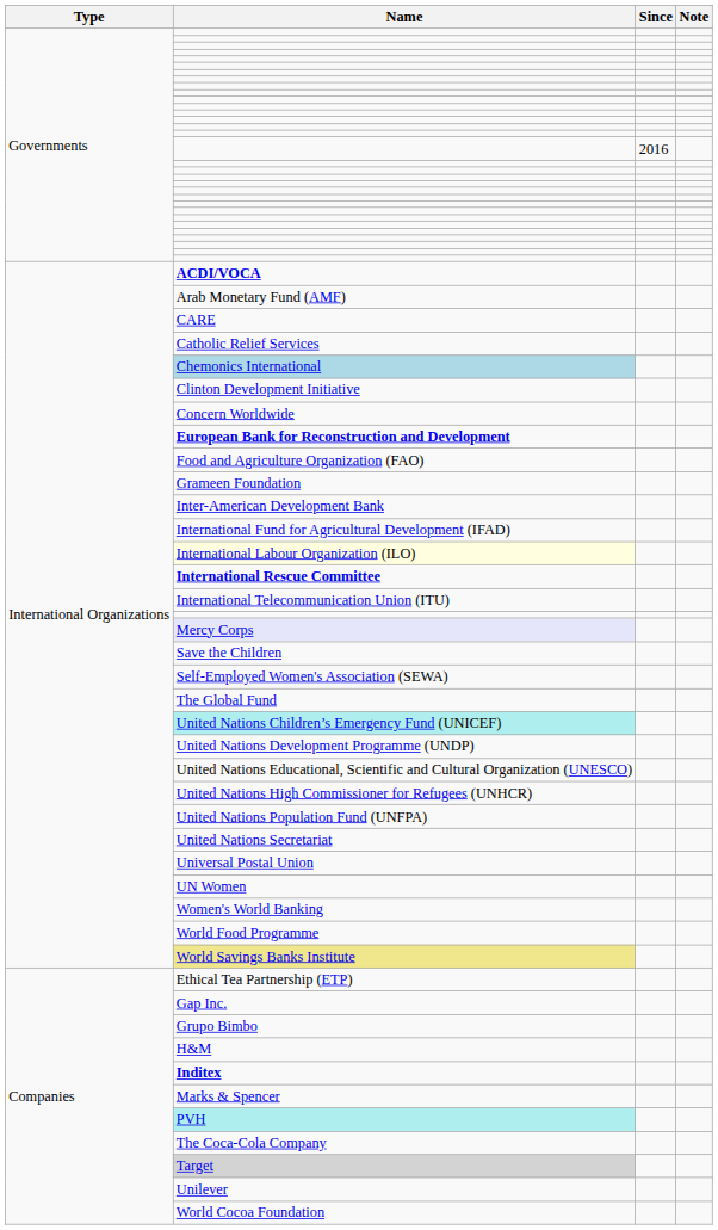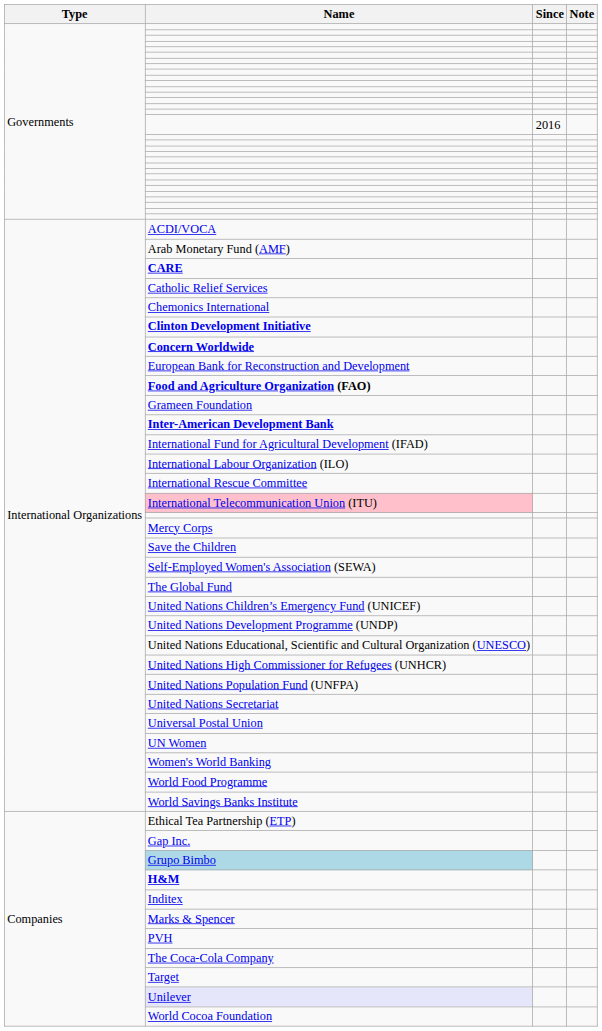 <table class="wikitable sortable plainrowheaders">
 <tr>
 <th>Type</th>
 <th>Name</th>
 <th>Since</th>
 <th>Note</th>
 </tr>
 <tr>
 <td rowspan="32">Governments</td>
 <td></td>
 <td></td>
 <td></td>
 </tr>
 <tr>
 <td></td>
 <td></td>
 <td></td>
 </tr>
 <tr>
 <td></td>
 <td></td>
 <td></td>
 </tr>
 <tr>
 <td></td>
 <td></td>
 <td></td>
 </tr>
 <tr>
 <td></td>
 <td></td>
 <td></td>
 </tr>
 <tr>
 <td></td>
 <td></td>
 <td></td>
 </tr>
 <tr>
 <td></td>
 <td></td>
 <td></td>
 </tr>
 <tr>
 <td></td>
 <td></td>
 <td></td>
 </tr>
 <tr>
 <td></td>
 <td></td>
 <td></td>
 </tr>
 <tr>
 <td></td>
 <td></td>
 <td></td>
 </tr>
 <tr>
 <td></td>
 <td></td>
 <td></td>
 </tr>
 <tr>
 <td></td>
 <td></td>
 <td></td>
 </tr>
 <tr>
 <td></td>
 <td></td>
 <td></td>
 </tr>
 <tr>
 <td></td>
 <td></td>
 <td></td>
 </tr>
 <tr>
 <td></td>
 <td></td>
 <td></td>
 </tr>
 <tr>
 <td></td>
 <td></td>
 <td></td>
 </tr>
 <tr>
 <td></td>
 <td>2016</td>
 <td></td>
 </tr>
 <tr>
 <td></td>
 <td></td>
 <td></td>
 </tr>
 <tr>
 <td></td>
 <td></td>
 <td></td>
 </tr>
 <tr>
 <td></td>
 <td></td>
 <td></td>
 </tr>
 <tr>
 <td></td>
 <td></td>
 <td></td>
 </tr>
 <tr>
 <td></td>
 <td></td>
 <td></td>
 </tr>
 <tr>
 <td></td>
 <td></td>
 <td></td>
 </tr>
 <tr>
 <td></td>
 <td></td>
 <td></td>
 </tr>
 <tr>
 <td></td>
 <td></td>
 <td></td>
 </tr>
 <tr>
 <td></td>
 <td></td>
 <td></td>
 </tr>
 <tr>
 <td></td>
 <td></td>
 <td></td>
 </tr>
 <tr>
 <td></td>
 <td></td>
 <td></td>
 </tr>
 <tr>
 <td></td>
 <td></td>
 <td></td>
 </tr>
 <tr>
 <td></td>
 <td></td>
 <td></td>
 </tr>
 <tr>
 <td></td>
 <td></td>
 <td></td>
 </tr>
 <tr>
 <td></td>
 <td></td>
 <td></td>
 </tr>
 <tr>
 <td rowspan="31">International Organizations</td>
-<td><strong><a href='#'>ACDI/VOCA</a></strong></td>
+<td><a href='#'>ACDI/VOCA</a></td>
 <td></td>
 <td></td>
 </tr>
 <tr>
 <td>Arab Monetary Fund (<a href='#'>AMF</a>)</td>
 <td></td>
 <td></td>
 </tr>
 <tr>
-<td><a href='#'>CARE</a></td>
+<td><strong><a href='#'>CARE</a></strong></td>
 <td></td>
 <td></td>
 </tr>
 <tr>
 <td><a href='#'>Catholic Relief Services</a></td>
 <td></td>
 <td></td>
 </tr>
 <tr>
-<td style="background: lightblue;"><a href='#'>Chemonics International</a></td>
+<td><a href='#'>Chemonics International</a></td>
 <td></td>
 <td></td>
 </tr>
 <tr>
-<td><a href='#'>Clinton Development Initiative</a></td>
+<td><strong><a href='#'>Clinton Development Initiative</a></strong></td>
 <td></td>
 <td></td>
 </tr>
 <tr>
-<td><a href='#'>Concern Worldwide</a></td>
+<td><strong><a href='#'>Concern Worldwide</a></strong></td>
 <td></td>
 <td></td>
 </tr>
 <tr>
-<td><strong><a href='#'>European Bank for Reconstruction and Development</a></strong></td>
+<td><a href='#'>European Bank for Reconstruction and Development</a></td>
 <td></td>
 <td></td>
 </tr>
 <tr>
-<td><a href='#'>Food and Agriculture Organization</a> (FAO)</td>
+<td><strong><a href='#'>Food and Agriculture Organization</a> (FAO)</strong></td>
 <td></td>
 <td></td>
 </tr>
 <tr>
 <td><a href='#'>Grameen Foundation</a></td>
 <td></td>
 <td></td>
 </tr>
 <tr>
-<td><a href='#'>Inter-American Development Bank</a></td>
+<td><strong><a href='#'>Inter-American Development Bank</a></strong></td>
 <td></td>
 <td></td>
 </tr>
 <tr>
 <td><a href='#'>International Fund for Agricultural Development</a> (IFAD)</td>
 <td></td>
 <td></td>
 </tr>
 <tr>
-<td style="background: lightyellow;"><a href='#'>International Labour Organization</a> (ILO)</td>
+<td><a href='#'>International Labour Organization</a> (ILO)</td>
 <td></td>
 <td></td>
 </tr>
 <tr>
-<td><strong><a href='#'>International Rescue Committee</a></strong></td>
+<td><a href='#'>International Rescue Committee</a></td>
 <td></td>
 <td></td>
 </tr>
 <tr>
-<td><a href='#'>International Telecommunication Union</a> (ITU)</td>
+<td style="background: pink;"><a href='#'>International Telecommunication Union</a> (ITU)</td>
 <td></td>
 <td></td>
 </tr>
 <tr>
 <td></td>
 <td></td>
 <td></td>
 </tr>
 <tr>
-<td style="background: lavender;"><a href='#'>Mercy Corps</a></td>
+<td><a href='#'>Mercy Corps</a></td>
 <td></td>
 <td></td>
 </tr>
 <tr>
 <td><a href='#'>Save the Children</a></td>
 <td></td>
 <td></td>
 </tr>
 <tr>
 <td><a href='#'>Self-Employed Women's Association</a> (SEWA)</td>
 <td></td>
 <td></td>
 </tr>
 <tr>
 <td><a href='#'>The Global Fund</a></td>
 <td></td>
 <td></td>
 </tr>
 <tr>
-<td style="background: paleturquoise;"><a href='#'>United Nations Children’s Emergency Fund</a> (UNICEF)</td>
+<td><a href='#'>United Nations Children’s Emergency Fund</a> (UNICEF)</td>
 <td></td>
 <td></td>
 </tr>
 <tr>
 <td><a href='#'>United Nations Development Programme</a> (UNDP)</td>
 <td></td>
 <td></td>
 </tr>
 <tr>
 <td>United Nations Educational, Scientific and Cultural Organization (<a href='#'>UNESCO</a>)</td>
 <td></td>
 <td></td>
 </tr>
 <tr>
 <td><a href='#'>United Nations High Commissioner for Refugees</a> (UNHCR)</td>
 <td></td>
 <td></td>
 </tr>
 <tr>
 <td><a href='#'>United Nations Population Fund</a> (UNFPA)</td>
 <td></td>
 <td></td>
 </tr>
 <tr>
 <td><a href='#'>United Nations Secretariat</a></td>
 <td></td>
 <td></td>
 </tr>
 <tr>
 <td><a href='#'>Universal Postal Union</a></td>
 <td></td>
 <td></td>
 </tr>
 <tr>
 <td><a href='#'>UN Women</a></td>
 <td></td>
 <td></td>
 </tr>
 <tr>
 <td><a href='#'>Women's World Banking</a></td>
 <td></td>
 <td></td>
 </tr>
 <tr>
 <td><a href='#'>World Food Programme</a></td>
 <td></td>
 <td></td>
 </tr>
 <tr>
-<td style="background: khaki;"><a href='#'>World Savings Banks Institute</a></td>
+<td><a href='#'>World Savings Banks Institute</a></td>
 <td></td>
 <td></td>
 </tr>
 <tr>
 <td rowspan="11">Companies</td>
 <td>Ethical Tea Partnership (<a href='#'>ETP</a>)</td>
 <td></td>
 <td></td>
 </tr>
 <tr>
 <td><a href='#'>Gap Inc.</a></td>
 <td></td>
 <td></td>
 </tr>
 <tr>
-<td><a href='#'>Grupo Bimbo</a></td>
+<td style="background: lightblue;"><a href='#'>Grupo Bimbo</a></td>
 <td></td>
 <td></td>
 </tr>
 <tr>
-<td><a href='#'>H&M</a></td>
+<td><strong><a href='#'>H&M</a></strong></td>
 <td></td>
 <td></td>
 </tr>
 <tr>
-<td><strong><a href='#'>Inditex</a></strong></td>
+<td><a href='#'>Inditex</a></td>
 <td></td>
 <td></td>
 </tr>
 <tr>
 <td><a href='#'>Marks & Spencer</a></td>
 <td></td>
 <td></td>
 </tr>
 <tr>
-<td style="background: paleturquoise;"><a href='#'>PVH</a></td>
+<td><a href='#'>PVH</a></td>
 <td></td>
 <td></td>
 </tr>
 <tr>
 <td><a href='#'>The Coca-Cola Company</a></td>
 <td></td>
 <td></td>
 </tr>
 <tr>
-<td style="background: lightgrey;"><a href='#'>Target</a></td>
+<td><a href='#'>Target</a></td>
 <td></td>
 <td></td>
 </tr>
 <tr>
-<td><a href='#'>Unilever</a></td>
+<td style="background: lavender;"><a href='#'>Unilever</a></td>
 <td></td>
 <td></td>
 </tr>
 <tr>
 <td><a href='#'>World Cocoa Foundation</a></td>
 <td></td>
 <td></td>
 </tr>
 </table>
